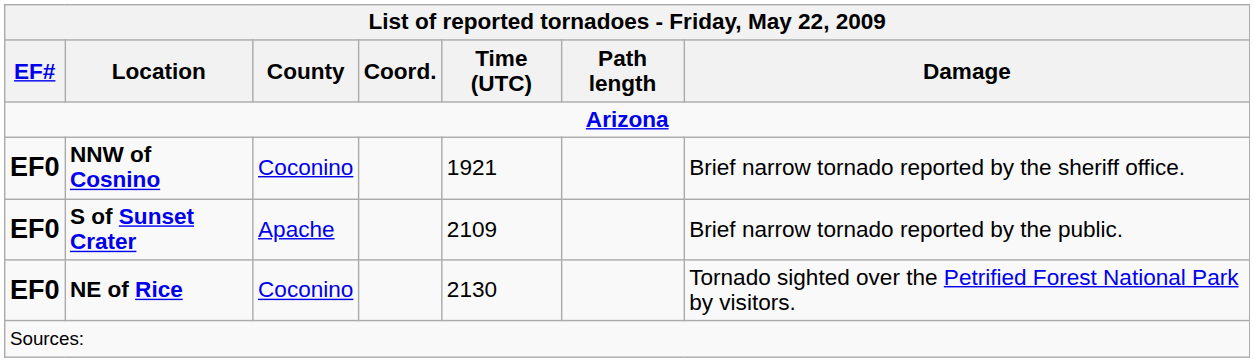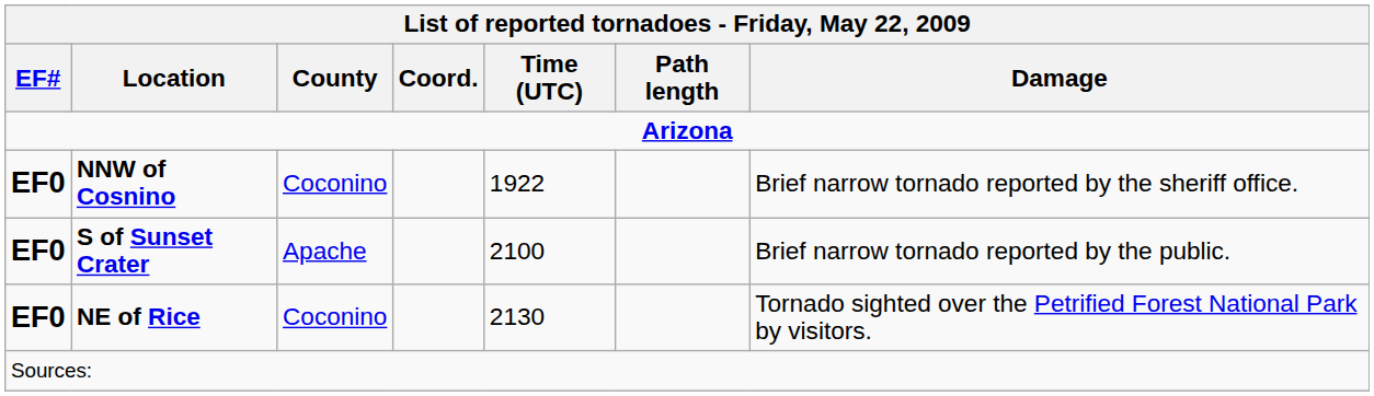 <table class="wikitable collapsible" width="100%">
 <tr>
 <th colspan="7">List of reported tornadoes - Friday, May 22, 2009</th>
 </tr>
 <tr>
 <th><a href='#'>EF#</a></th>
 <th>Location</th>
 <th>County</th>
 <th>Coord.</th>
 <th>Time (UTC)</th>
 <th>Path length</th>
 <th>Damage</th>
 </tr>
 <tr>
 <td colspan="7" align=center><strong><a href='#'>Arizona</a></strong></td>
 </tr>
 <tr>
 <td><big><strong>EF0</strong></big></td>
 <td><strong>NNW of <a href='#'>Cosnino</a></strong></td>
 <td><a href='#'>Coconino</a></td>
 <td></td>
-<td>1921</td>
+<td>1922</td>
 <td></td>
 <td>Brief narrow tornado reported by the sheriff office.</td>
 </tr>
 <tr>
 <td><big><strong>EF0</strong></big></td>
 <td><strong>S of <a href='#'>Sunset Crater</a></strong></td>
 <td><a href='#'>Apache</a></td>
 <td></td>
-<td>2109</td>
+<td>2100</td>
 <td></td>
 <td>Brief narrow tornado reported by the public.</td>
 </tr>
 <tr>
 <td><big><strong>EF0</strong></big></td>
 <td><strong>NE of <a href='#'>Rice</a></strong></td>
 <td><a href='#'>Coconino</a></td>
 <td></td>
 <td>2130</td>
 <td></td>
 <td>Tornado sighted over the <a href='#'>Petrified Forest National Park</a> by visitors.</td>
 </tr>
 <tr>
 <td colspan="7"><small>Sources: </small></td>
 </tr>
 </table>
